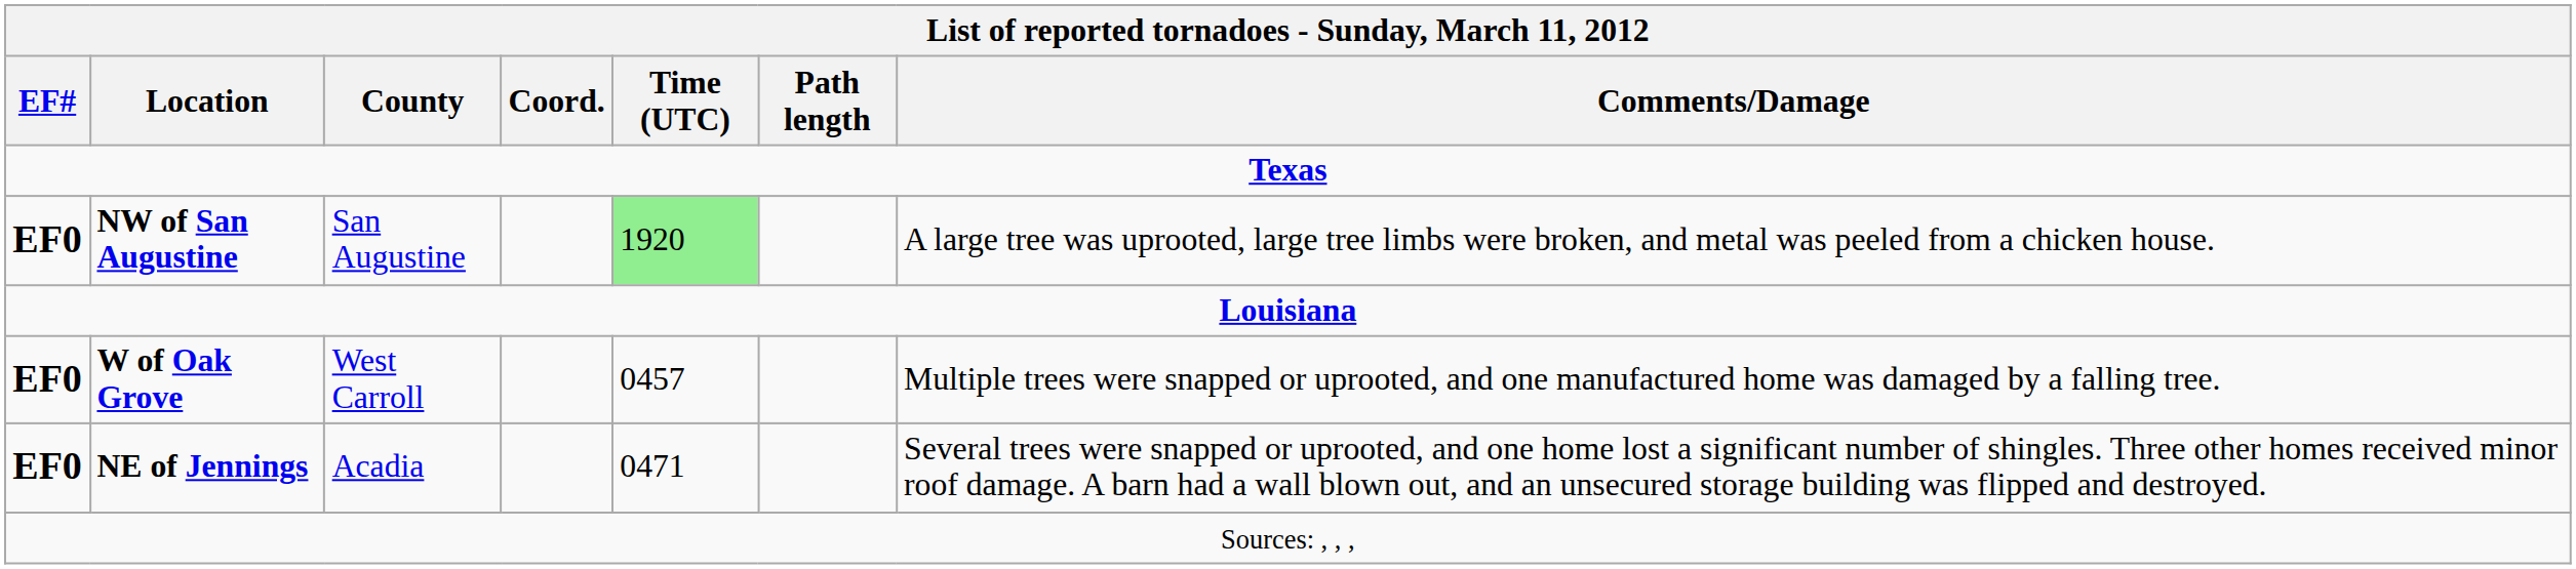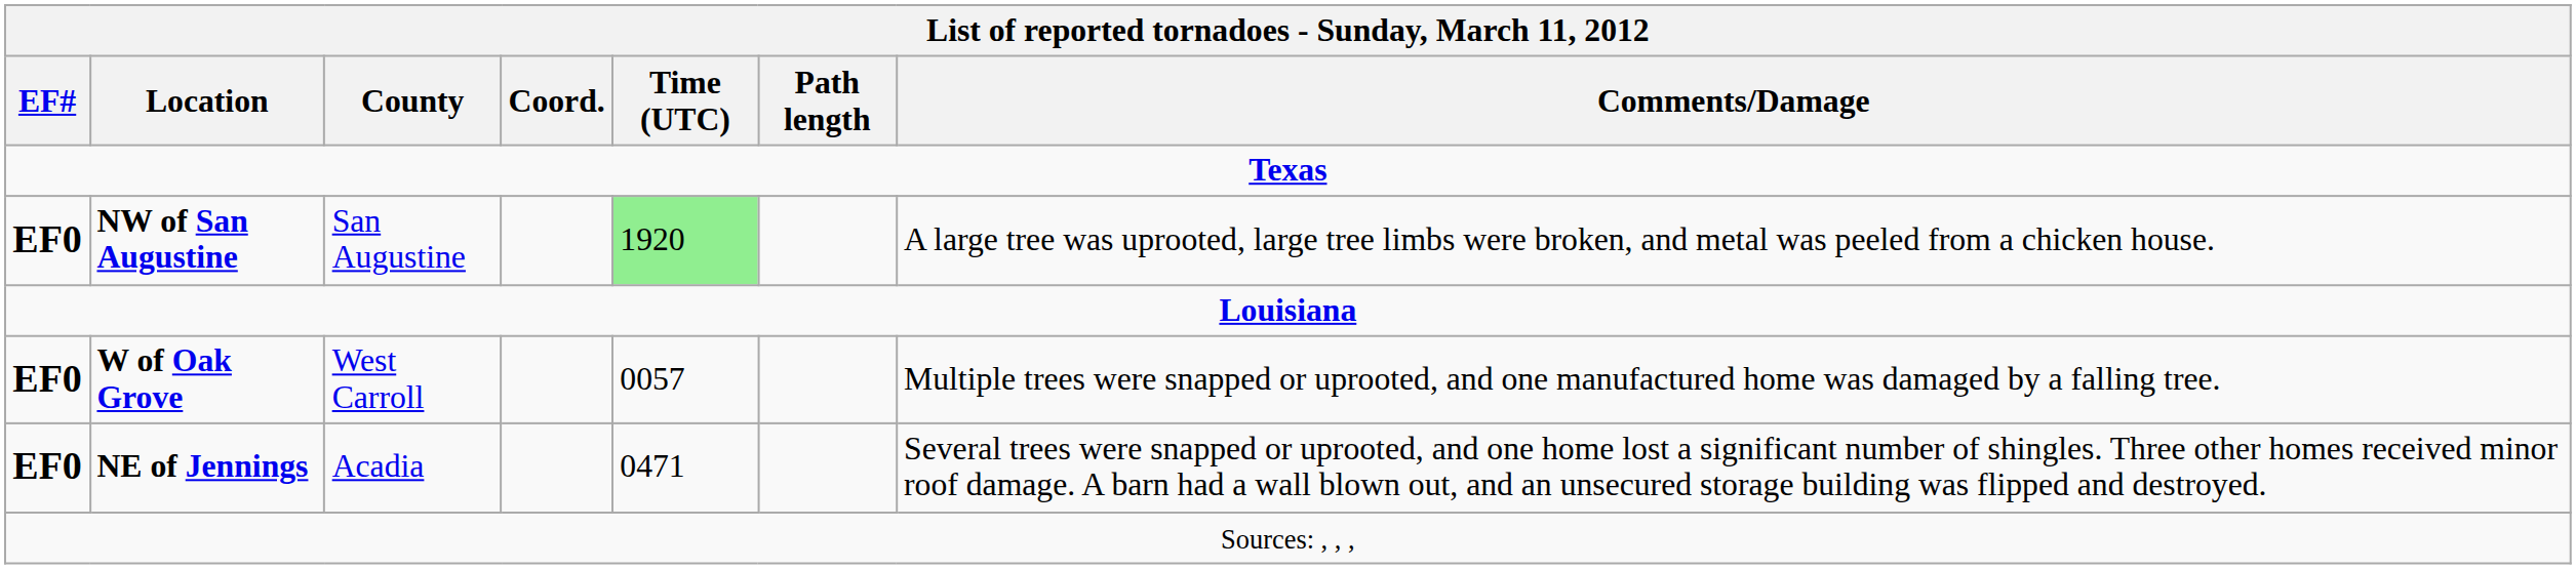 <table class="wikitable collapsible" width="100%">
 <tr>
 <th colspan="7">List of reported tornadoes - Sunday, March 11, 2012</th>
 </tr>
 <tr>
 <th><a href='#'>EF#</a></th>
 <th>Location</th>
 <th>County</th>
 <th>Coord.</th>
 <th>Time (UTC)</th>
 <th>Path length</th>
 <th>Comments/Damage</th>
 </tr>
 <tr>
 <td colspan="7" align=center><strong><a href='#'>Texas</a></strong></td>
 </tr>
 <tr>
 <td><big><strong>EF0</strong></big></td>
 <td><strong>NW of <a href='#'>San Augustine</a></strong></td>
 <td><a href='#'>San Augustine</a></td>
 <td></td>
 <td style="background: lightgreen;">1920</td>
 <td></td>
 <td>A large tree was uprooted, large tree limbs were broken, and metal was peeled from a chicken house.</td>
 </tr>
 <tr>
 <td colspan="7" align=center><strong><a href='#'>Louisiana</a></strong></td>
 </tr>
 <tr>
 <td><big><strong>EF0</strong></big></td>
 <td><strong>W of <a href='#'>Oak Grove</a></strong></td>
 <td><a href='#'>West Carroll</a></td>
 <td></td>
-<td>0457</td>
+<td>0057</td>
 <td></td>
 <td>Multiple trees were snapped or uprooted, and one manufactured home was damaged by a falling tree.</td>
 </tr>
 <tr>
 <td><big><strong>EF0</strong></big></td>
 <td><strong>NE of <a href='#'>Jennings</a></strong></td>
 <td><a href='#'>Acadia</a></td>
 <td></td>
 <td>0471</td>
 <td></td>
 <td>Several trees were snapped or uprooted, and one home lost a significant number of shingles. Three other homes received minor roof damage. A barn had a wall blown out, and an unsecured storage building was flipped and destroyed.</td>
 </tr>
 <tr>
 <td colspan="7" align=center><small>Sources: , , , </small></td>
 </tr>
 </table>
